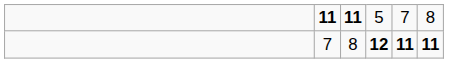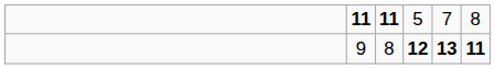 <table class="wikitable">
 <tr>
 <td style="width:18em"></td>
 <td align=center style="width:1em"><strong>11</strong></td>
 <td align=center style="width:1em"><strong>11</strong></td>
 <td align=center style="width:1em">5</td>
 <td align=center style="width:1em">7</td>
 <td align=center style="width:1em">8</td>
 </tr>
 <tr>
 <td style="width:18em"></td>
-<td align=center style="width:1em">7</td>
+<td align=center style="width:1em">9</td>
 <td align=center style="width:1em">8</td>
 <td align=center style="width:1em"><strong>12</strong></td>
-<td align=center style="width:1em"><strong>11</strong></td>
+<td align=center style="width:1em"><strong>13</strong></td>
 <td align=center style="width:1em"><strong>11</strong></td>
 </tr>
 </table>
